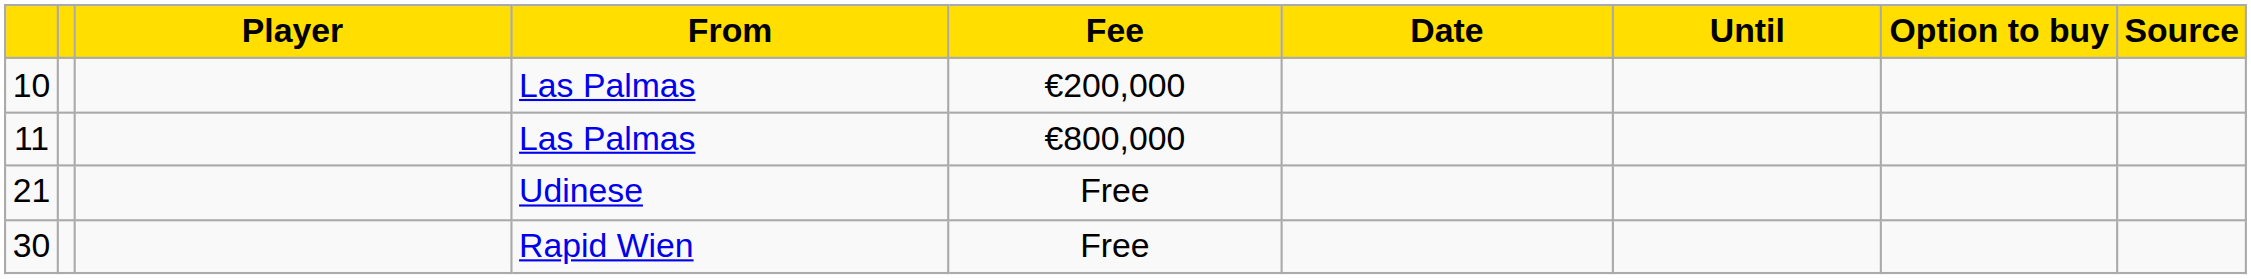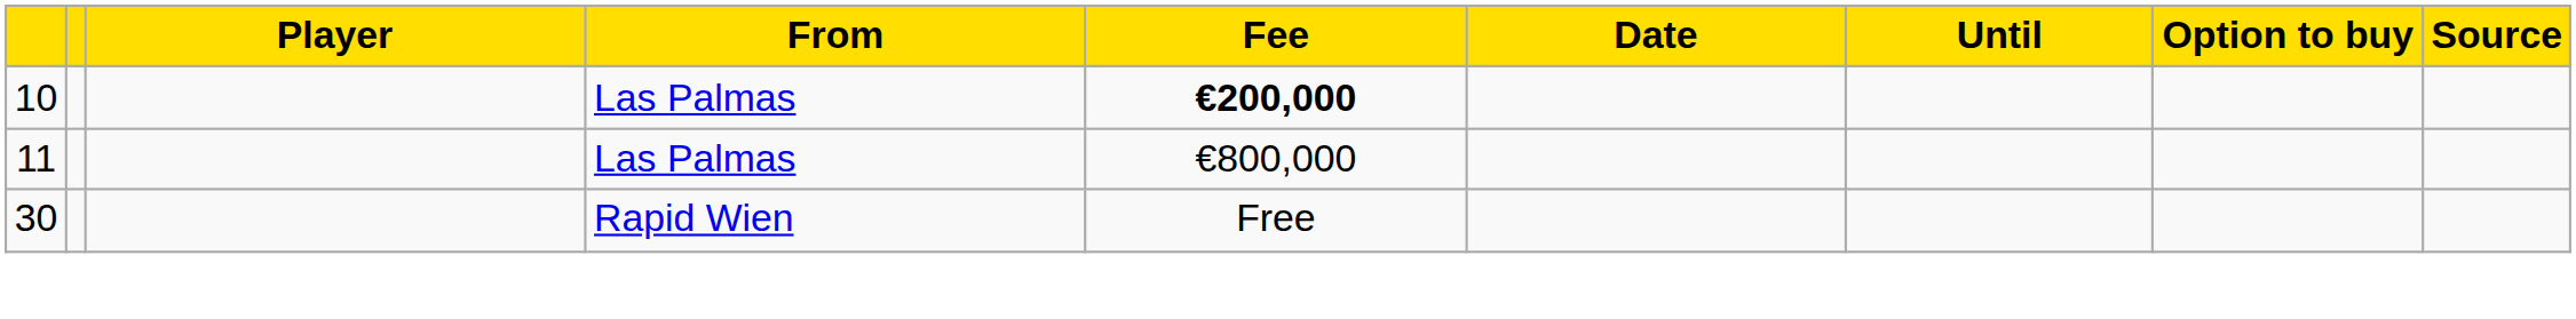 <table class="wikitable sortable">
 <tr>
 <th style="background:#FFDE00"></th>
 <th style="background:#FFDE00"></th>
 <th width=200 style="background:#FFDE00">Player</th>
 <th width=200 style="background:#FFDE00">From</th>
 <th width=150 style="background:#FFDE00">Fee</th>
 <th width=150 style="background:#FFDE00">Date</th>
 <th width=120 style="background:#FFDE00">Until</th>
 <th style="background:#FFDE00">Option to buy</th>
 <th style="background:#FFDE00">Source</th>
 </tr>
 <tr>
 <td align=center>10</td>
 <td align=center></td>
 <td></td>
 <td> <a href='#'>Las Palmas</a></td>
-<td align=center>€200,000</td>
+<td align=center><strong>€200,000</strong></td>
 <td align=center></td>
 <td align=center></td>
 <td align=center></td>
 <td align=center></td>
 </tr>
 <tr>
 <td align=center>11</td>
 <td align=center></td>
 <td></td>
 <td> <a href='#'>Las Palmas</a></td>
 <td align=center>€800,000</td>
 <td align=center></td>
 <td align=center></td>
 <td align=center></td>
 <td align=center></td>
 </tr>
 <tr>
-<td align=center>21</td>
-<td align=center></td>
-<td></td>
-<td> <a href='#'>Udinese</a></td>
-<td align=center>Free</td>
-<td align=center></td>
-<td align=center></td>
-<td align=center></td>
-<td align=center></td>
-</tr>
-<tr>
 <td align=center>30</td>
 <td align=center></td>
 <td></td>
 <td> <a href='#'>Rapid Wien</a></td>
 <td align=center>Free</td>
 <td align=center></td>
 <td align=center></td>
 <td align=center></td>
 <td align=center></td>
 </tr>
 </table>
